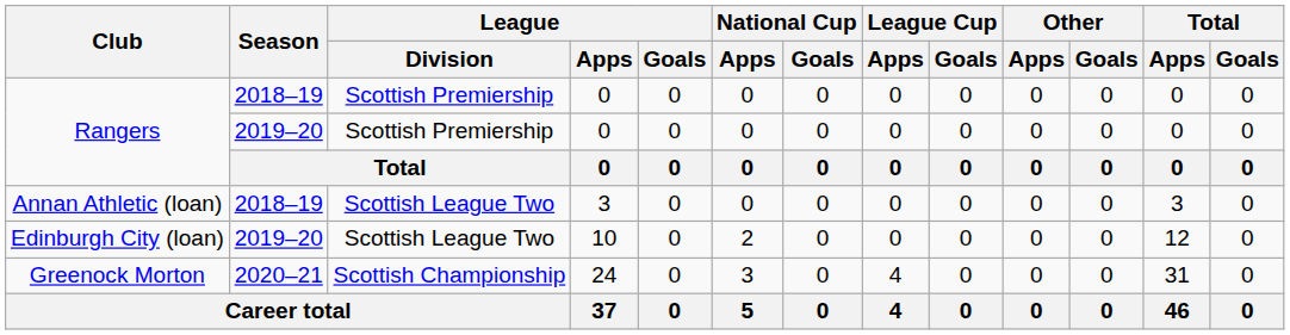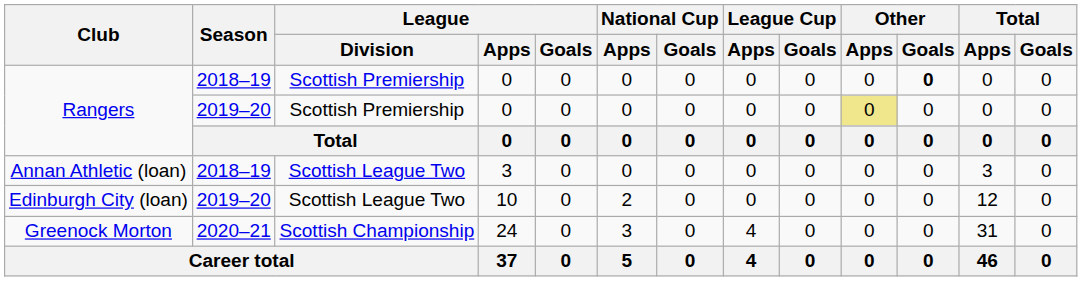 <table class="wikitable" style="text-align:center">
 <tr>
 <th rowspan="2">Club</th>
 <th rowspan="2">Season</th>
 <th colspan="3">League</th>
 <th colspan="2">National Cup</th>
 <th colspan="2">League Cup</th>
 <th colspan="2">Other</th>
 <th colspan="2">Total</th>
 </tr>
 <tr>
 <th>Division</th>
 <th>Apps</th>
 <th>Goals</th>
 <th>Apps</th>
 <th>Goals</th>
 <th>Apps</th>
 <th>Goals</th>
 <th>Apps</th>
 <th>Goals</th>
 <th>Apps</th>
 <th>Goals</th>
 </tr>
 <tr>
 <td rowspan=3><a href='#'>Rangers</a></td>
 <td><a href='#'>2018–19</a></td>
 <td><a href='#'>Scottish Premiership</a></td>
 <td>0</td>
 <td>0</td>
 <td>0</td>
 <td>0</td>
 <td>0</td>
 <td>0</td>
 <td>0</td>
-<td>0</td>
+<td><strong>0</strong></td>
 <td>0</td>
 <td>0</td>
 </tr>
 <tr>
 <td><a href='#'>2019–20</a></td>
 <td>Scottish Premiership</td>
 <td>0</td>
 <td>0</td>
 <td>0</td>
 <td>0</td>
 <td>0</td>
 <td>0</td>
-<td>0</td>
+<td style="background: khaki;">0</td>
 <td>0</td>
 <td>0</td>
 <td>0</td>
 </tr>
 <tr>
 <th colspan=2>Total</th>
 <th>0</th>
 <th>0</th>
 <th>0</th>
 <th>0</th>
 <th>0</th>
 <th>0</th>
 <th>0</th>
 <th>0</th>
 <th>0</th>
 <th>0</th>
 </tr>
 <tr>
 <td><a href='#'>Annan Athletic</a> (loan)</td>
 <td><a href='#'>2018–19</a></td>
 <td><a href='#'>Scottish League Two</a></td>
 <td>3</td>
 <td>0</td>
 <td>0</td>
 <td>0</td>
 <td>0</td>
 <td>0</td>
 <td>0</td>
 <td>0</td>
 <td>3</td>
 <td>0</td>
 </tr>
 <tr>
 <td><a href='#'>Edinburgh City</a> (loan)</td>
 <td><a href='#'>2019–20</a></td>
 <td>Scottish League Two</td>
 <td>10</td>
 <td>0</td>
 <td>2</td>
 <td>0</td>
 <td>0</td>
 <td>0</td>
 <td>0</td>
 <td>0</td>
 <td>12</td>
 <td>0</td>
 </tr>
 <tr>
 <td><a href='#'>Greenock Morton</a></td>
 <td><a href='#'>2020–21</a></td>
 <td><a href='#'>Scottish Championship</a></td>
 <td>24</td>
 <td>0</td>
 <td>3</td>
 <td>0</td>
 <td>4</td>
 <td>0</td>
 <td>0</td>
 <td>0</td>
 <td>31</td>
 <td>0</td>
 </tr>
 <tr>
 <th colspan=3>Career total</th>
 <th>37</th>
 <th>0</th>
 <th>5</th>
 <th>0</th>
 <th>4</th>
 <th>0</th>
 <th>0</th>
 <th>0</th>
 <th>46</th>
 <th>0</th>
 </tr>
 </table>
